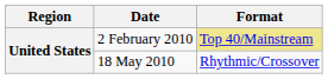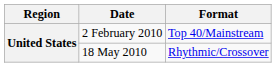 <table class="wikitable plainrowheaders">
 <tr>
 <th>Region</th>
 <th>Date</th>
 <th>Format</th>
 </tr>
 <tr>
 <th scope="row" rowspan="2">United States</th>
 <td>2 February 2010</td>
-<td style="background: khaki;"><a href='#'>Top 40/Mainstream</a></td>
+<td><a href='#'>Top 40/Mainstream</a></td>
 </tr>
 <tr>
 <td>18 May 2010</td>
 <td><a href='#'>Rhythmic/Crossover</a></td>
 </tr>
 </table>
